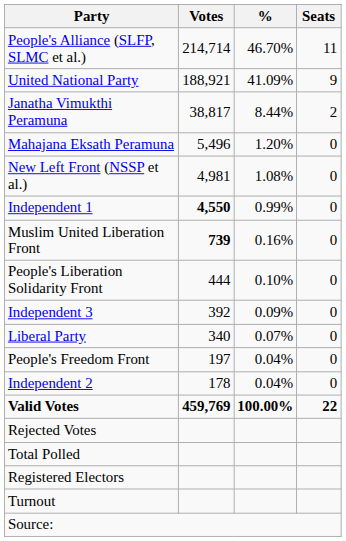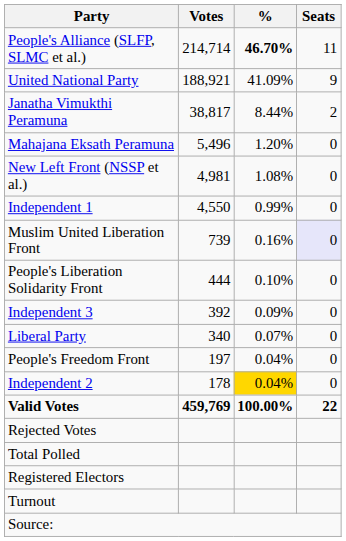 <table class="wikitable" border="1" style="text-align:right;">
 <tr>
 <th align="left" width="180">Party</th>
 <th align="center" width="50">Votes</th>
 <th align="center" width="50">%</th>
 <th align="center" width="40">Seats</th>
 </tr>
 <tr>
 <td align="left"><a href='#'>People's Alliance</a> (<a href='#'>SLFP</a>, <a href='#'>SLMC</a> et al.)</td>
 <td>214,714</td>
-<td>46.70%</td>
+<td><strong>46.70%</strong></td>
 <td>11</td>
 </tr>
 <tr>
 <td align="left"><a href='#'>United National Party</a></td>
 <td>188,921</td>
 <td>41.09%</td>
 <td>9</td>
 </tr>
 <tr>
 <td align="left"><a href='#'>Janatha Vimukthi Peramuna</a></td>
 <td>38,817</td>
 <td>8.44%</td>
 <td>2</td>
 </tr>
 <tr>
 <td align="left"><a href='#'>Mahajana Eksath Peramuna</a></td>
 <td>5,496</td>
 <td>1.20%</td>
 <td>0</td>
 </tr>
 <tr>
 <td align="left"><a href='#'>New Left Front</a> (<a href='#'>NSSP</a> et al.)</td>
 <td>4,981</td>
 <td>1.08%</td>
 <td>0</td>
 </tr>
 <tr>
 <td align="left"><a href='#'>Independent 1</a></td>
-<td><strong>4,550</strong></td>
+<td>4,550</td>
 <td>0.99%</td>
 <td>0</td>
 </tr>
 <tr>
 <td align="left">Muslim United Liberation Front</td>
-<td><strong>739</strong></td>
+<td>739</td>
 <td>0.16%</td>
-<td>0</td>
+<td style="background: lavender;">0</td>
 </tr>
 <tr>
 <td align="left">People's Liberation Solidarity Front</td>
 <td>444</td>
 <td>0.10%</td>
 <td>0</td>
 </tr>
 <tr>
 <td align="left"><a href='#'>Independent 3</a></td>
 <td>392</td>
 <td>0.09%</td>
 <td>0</td>
 </tr>
 <tr>
 <td align="left"><a href='#'>Liberal Party</a></td>
 <td>340</td>
 <td>0.07%</td>
 <td>0</td>
 </tr>
 <tr>
 <td align="left">People's Freedom Front</td>
 <td>197</td>
 <td>0.04%</td>
 <td>0</td>
 </tr>
 <tr>
 <td align="left"><a href='#'>Independent 2</a></td>
 <td>178</td>
-<td>0.04%</td>
+<td style="background: gold;">0.04%</td>
 <td>0</td>
 </tr>
 <tr>
 <td align="left"><strong>Valid Votes</strong></td>
 <td><strong>459,769</strong></td>
 <td><strong>100.00%</strong></td>
 <td><strong>22</strong></td>
 </tr>
 <tr>
 <td align="left">Rejected Votes</td>
 <td></td>
 <td></td>
 <td></td>
 </tr>
 <tr>
 <td align="left">Total Polled</td>
 <td></td>
 <td></td>
 <td></td>
 </tr>
 <tr>
 <td align="left">Registered Electors</td>
 <td></td>
 <td></td>
 <td></td>
 </tr>
 <tr>
 <td align="left">Turnout</td>
 <td></td>
 <td></td>
 <td></td>
 </tr>
 <tr>
 <td colspan="4" align="left">Source:</td>
 </tr>
 </table>
